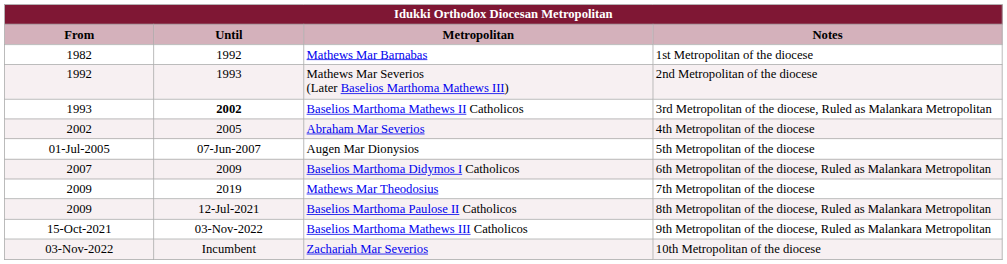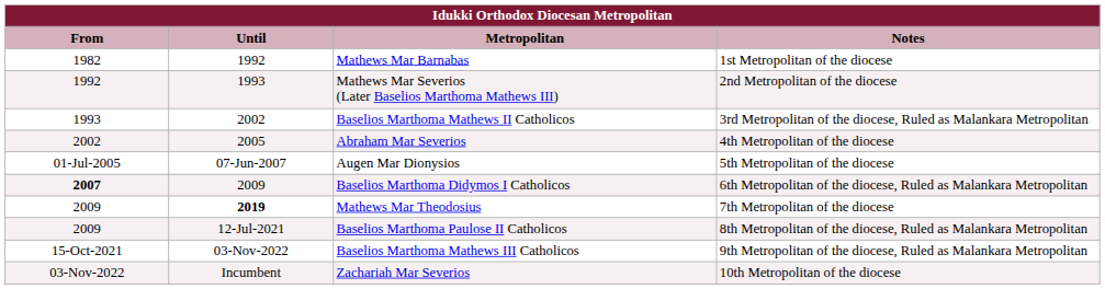 <table class="wikitable" style="width: 100%;">
 <tr>
 <th colspan="4" style="background-color: #7F1734; color: white;">Idukki Orthodox Diocesan Metropolitan</th>
 </tr>
 <tr>
 <th style="background-color: #D4B1BB; width: 15%;">From</th>
 <th style="background-color: #D4B1BB; width: 15%;">Until</th>
 <th style="background-color: #D4B1BB; width: 35%;">Metropolitan</th>
 <th style="background-color: #D4B1BB; width: 35%;">Notes</th>
 </tr>
 <tr valign="top" style="background-color: white;">
 <td style="text-align: center;">1982</td>
 <td style="text-align: center;">1992</td>
 <td><a href='#'>Mathews Mar Barnabas</a></td>
 <td>1st Metropolitan of  the diocese</td>
 </tr>
 <tr valign="top" style="background-color: #F7F0F2;">
 <td style="text-align: center;">1992</td>
 <td style="text-align: center;">1993</td>
 <td>Mathews Mar Severios<br>(Later <a href='#'>Baselios Marthoma Mathews III</a>)</td>
 <td>2nd Metropolitan of  the diocese</td>
 </tr>
 <tr valign="top" style="background-color: white;">
 <td style="text-align: center;">1993</td>
-<td style="text-align: center;"><strong>2002</strong></td>
+<td style="text-align: center;">2002</td>
 <td><a href='#'>Baselios Marthoma Mathews II</a> Catholicos</td>
 <td>3rd Metropolitan of  the diocese, Ruled as Malankara Metropolitan</td>
 </tr>
 <tr valign="top" style="background-color: #F7F0F2;">
 <td style="text-align: center;">2002</td>
 <td style="text-align: center;">2005</td>
 <td><a href='#'>Abraham Mar Severios</a></td>
 <td>4th Metropolitan of  the diocese</td>
 </tr>
 <tr valign="top" style="background-color: white;">
 <td style="text-align: center;">01-Jul-2005</td>
 <td style="text-align: center;">07-Jun-2007</td>
 <td>Augen Mar Dionysios</td>
 <td>5th Metropolitan of  the diocese</td>
 </tr>
 <tr valign="top" style="background-color: #F7F0F2;">
-<td style="text-align: center;">2007</td>
+<td style="text-align: center;"><strong>2007</strong></td>
 <td style="text-align: center;">2009</td>
 <td><a href='#'>Baselios Marthoma Didymos I</a> Catholicos</td>
 <td>6th Metropolitan of  the diocese, Ruled as Malankara Metropolitan</td>
 </tr>
 <tr valign="top" style="background-color: white;">
 <td style="text-align: center;">2009</td>
-<td style="text-align: center;">2019</td>
+<td style="text-align: center;"><strong>2019</strong></td>
 <td><a href='#'>Mathews Mar Theodosius</a></td>
 <td>7th Metropolitan of  the diocese</td>
 </tr>
 <tr valign="top" style="background-color: #F7F0F2;">
 <td style="text-align: center;">2009</td>
 <td style="text-align: center;">12-Jul-2021</td>
 <td><a href='#'>Baselios Marthoma Paulose II</a> Catholicos</td>
 <td>8th Metropolitan of  the diocese, Ruled as Malankara Metropolitan</td>
 </tr>
 <tr valign="top" style="background-color: white;">
 <td style="text-align: center;">15-Oct-2021</td>
 <td style="text-align: center;">03-Nov-2022</td>
 <td><a href='#'>Baselios Marthoma Mathews III</a> Catholicos</td>
 <td>9th Metropolitan of  the diocese, Ruled as Malankara Metropolitan</td>
 </tr>
 <tr valign="top" style="background-color: #F7F0F2;">
 <td style="text-align: center;">03-Nov-2022</td>
 <td style="text-align: center;">Incumbent</td>
 <td><a href='#'>Zachariah Mar Severios</a></td>
 <td>10th Metropolitan of  the diocese</td>
 </tr>
 </table>
